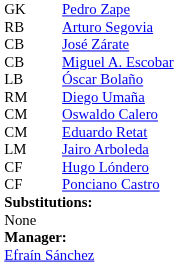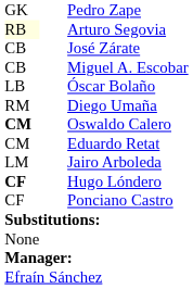 <table cellspacing="0" cellpadding="0" style="font-size:90%; margin:0.2em auto;">
 <tr>
 <th width="25"></th>
 <th width="25"></th>
 </tr>
 <tr>
 <td>GK</td>
 <td></td>
 <td><a href='#'>Pedro Zape</a></td>
 </tr>
 <tr>
-<td>RB</td>
+<td style="background: lightyellow;">RB</td>
 <td></td>
 <td><a href='#'>Arturo Segovia</a></td>
 </tr>
 <tr>
 <td>CB</td>
 <td></td>
 <td><a href='#'>José Zárate</a></td>
 </tr>
 <tr>
 <td>CB</td>
 <td></td>
 <td><a href='#'>Miguel A. Escobar</a></td>
 </tr>
 <tr>
 <td>LB</td>
 <td></td>
 <td><a href='#'>Óscar Bolaño</a></td>
 </tr>
 <tr>
 <td>RM</td>
 <td></td>
 <td><a href='#'>Diego Umaña</a></td>
 </tr>
 <tr>
-<td>CM</td>
+<td><strong>CM</strong></td>
 <td></td>
 <td><a href='#'>Oswaldo Calero</a></td>
 </tr>
 <tr>
 <td>CM</td>
 <td></td>
 <td><a href='#'>Eduardo Retat</a></td>
 </tr>
 <tr>
 <td>LM</td>
 <td></td>
 <td><a href='#'>Jairo Arboleda</a></td>
 </tr>
 <tr>
-<td>CF</td>
+<td><strong>CF</strong></td>
 <td></td>
 <td><a href='#'>Hugo Lóndero</a></td>
 </tr>
 <tr>
 <td>CF</td>
 <td></td>
 <td><a href='#'>Ponciano Castro</a></td>
 </tr>
 <tr>
 <td colspan=4><strong>Substitutions:</strong></td>
 </tr>
 <tr>
 <td>None</td>
 </tr>
 <tr>
 <td colspan=4><strong>Manager:</strong></td>
 </tr>
 <tr>
 <td colspan=4><a href='#'>Efraín Sánchez</a></td>
 </tr>
 </table>
